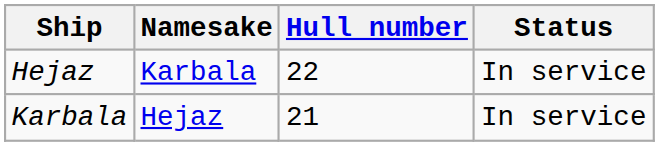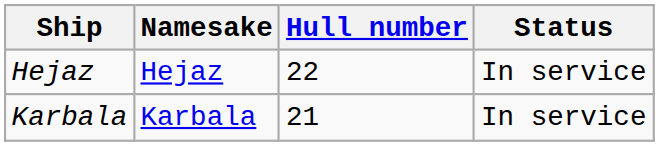 <table class="wikitable">
 <tr>
 <th>Ship</th>
 <th>Namesake</th>
 <th><a href='#'>Hull number</a></th>
 <th>Status</th>
 </tr>
 <tr>
 <td><em>Hejaz</em></td>
-<td><a href='#'>Karbala</a></td>
+<td><a href='#'>Hejaz</a></td>
 <td>22</td>
 <td>In service</td>
 </tr>
 <tr>
 <td><em>Karbala</em></td>
-<td><a href='#'>Hejaz</a></td>
+<td><a href='#'>Karbala</a></td>
 <td>21</td>
 <td>In service</td>
 </tr>
 </table>
